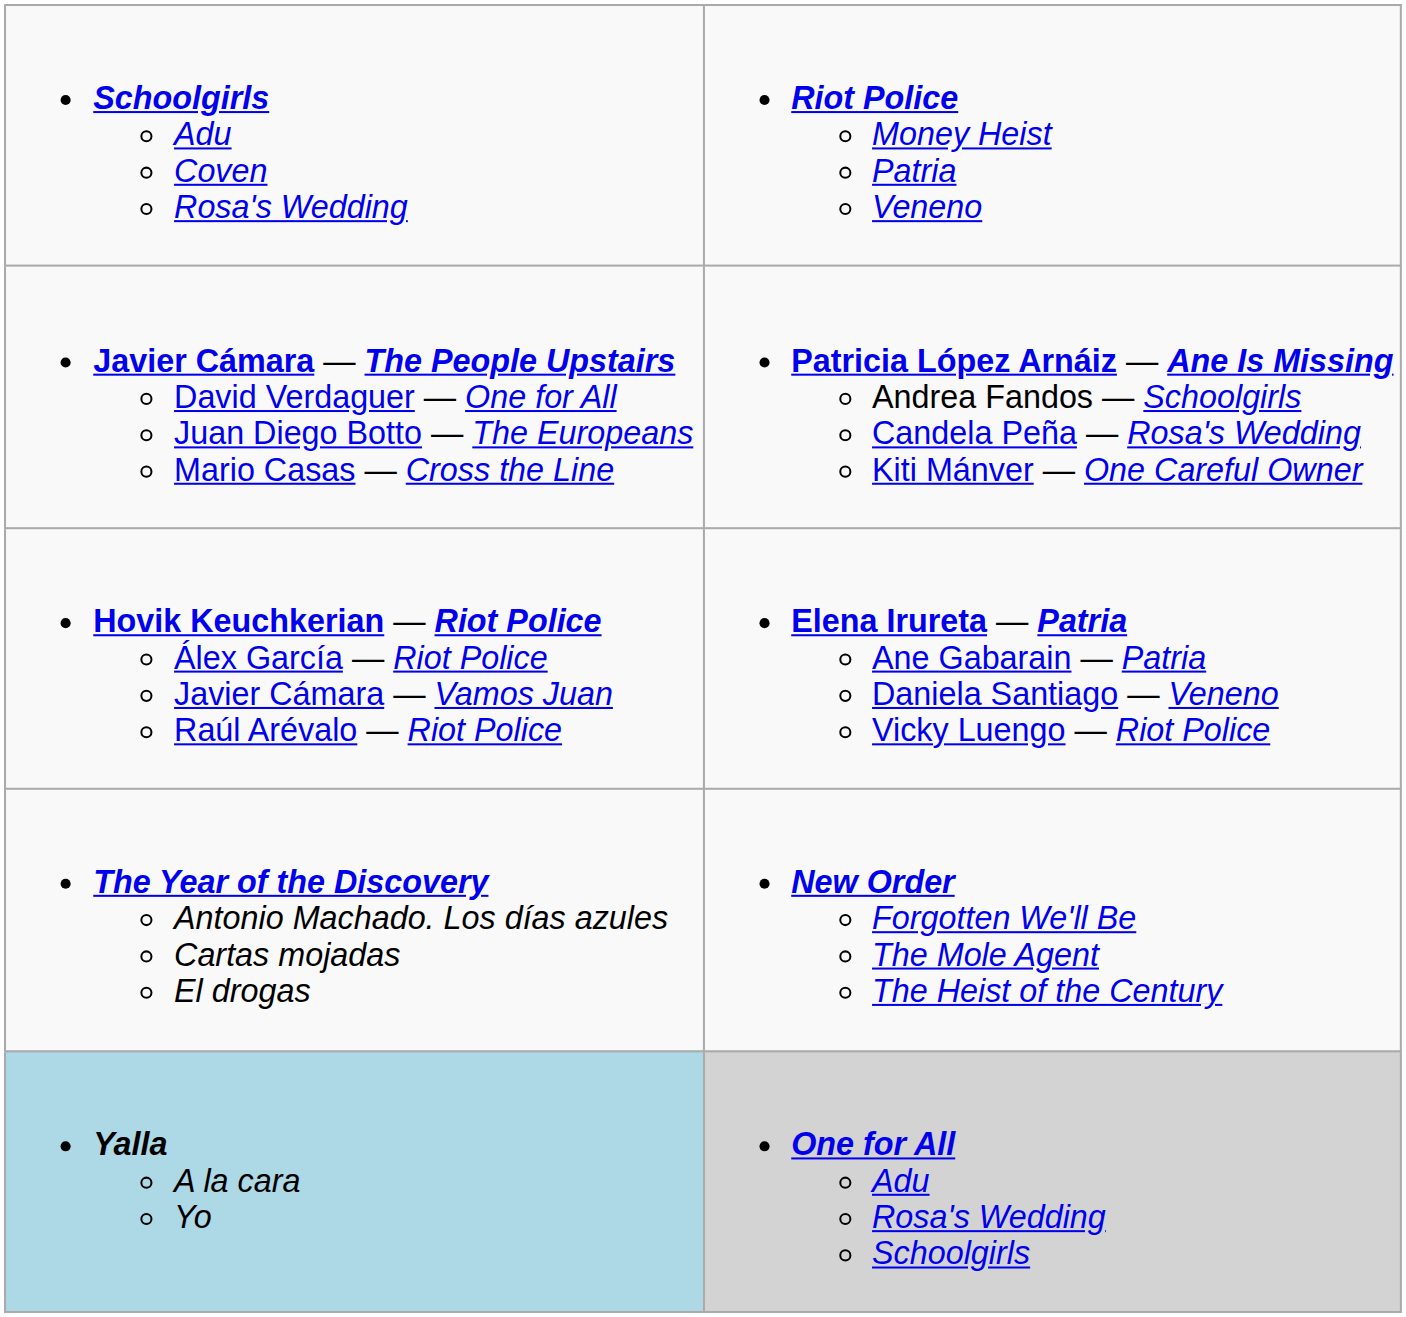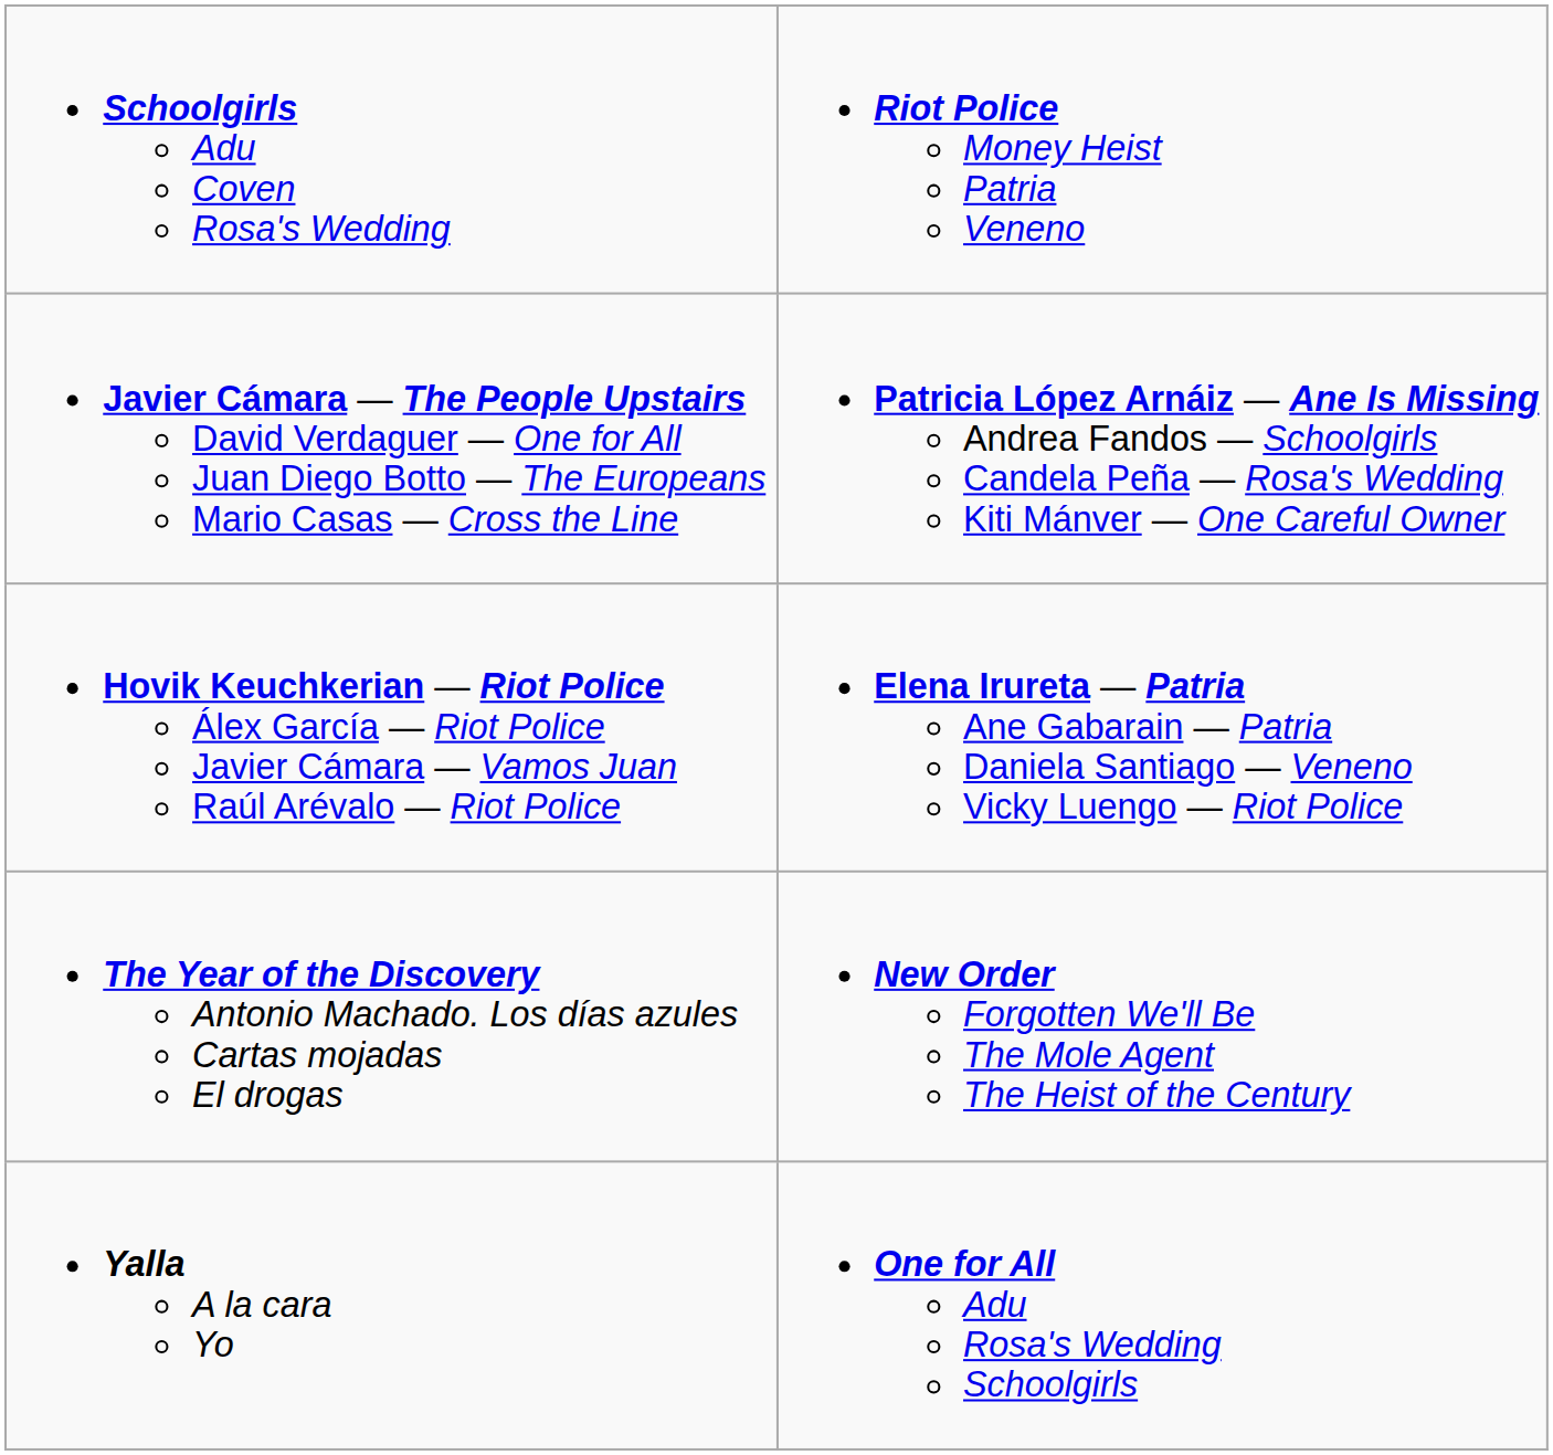 <table class=wikitable style="width="100%">
 <tr>
 <td style="vertical-align:top;" width="50%"><br><ul><li><strong><em><a href='#'>Schoolgirls</a></em></strong><ul><li><em><a href='#'>Adu</a></em></li><li><em><a href='#'>Coven</a></em></li><li><em><a href='#'>Rosa's Wedding</a></em></li></ul></li></ul></td>
 <td style="vertical-align:top;" width="50%"><br><ul><li><strong><em><a href='#'>Riot Police</a></em></strong><ul><li><em><a href='#'>Money Heist</a></em></li><li><em><a href='#'>Patria</a></em></li><li><em><a href='#'>Veneno</a></em></li></ul></li></ul></td>
 </tr>
 <tr>
 <td style="vertical-align:top;" width="50%"><br><ul><li><strong><a href='#'>Javier Cámara</a></strong> — <strong><em><a href='#'>The People Upstairs</a></em></strong><ul><li><a href='#'>David Verdaguer</a> — <em><a href='#'>One for All</a></em></li><li><a href='#'>Juan Diego Botto</a> — <em><a href='#'>The Europeans</a></em></li><li><a href='#'>Mario Casas</a> — <em><a href='#'>Cross the Line</a></em></li></ul></li></ul></td>
 <td style="vertical-align:top;" width="50%"><br><ul><li><strong><a href='#'>Patricia López Arnáiz</a></strong> — <strong><em><a href='#'>Ane Is Missing</a></em></strong><ul><li>Andrea Fandos — <em><a href='#'>Schoolgirls</a></em></li><li><a href='#'>Candela Peña</a> — <em><a href='#'>Rosa's Wedding</a></em></li><li><a href='#'>Kiti Mánver</a> — <em><a href='#'>One Careful Owner</a></em></li></ul></li></ul></td>
 </tr>
 <tr>
 <td style="vertical-align:top;" width="50%"><br><ul><li><strong><a href='#'>Hovik Keuchkerian</a></strong> — <strong><em><a href='#'>Riot Police</a></em></strong><ul><li><a href='#'>Álex García</a> — <em><a href='#'>Riot Police</a></em></li><li><a href='#'>Javier Cámara</a> — <em><a href='#'>Vamos Juan</a></em></li><li><a href='#'>Raúl Arévalo</a> — <em><a href='#'>Riot Police</a></em></li></ul></li></ul></td>
 <td style="vertical-align:top;" width="50%"><br><ul><li><strong><a href='#'>Elena Irureta</a></strong> — <strong><em><a href='#'>Patria</a></em></strong><ul><li><a href='#'>Ane Gabarain</a> — <em><a href='#'>Patria</a></em></li><li><a href='#'>Daniela Santiago</a> — <em><a href='#'>Veneno</a></em></li><li><a href='#'>Vicky Luengo</a> — <em><a href='#'>Riot Police</a></em></li></ul></li></ul></td>
 </tr>
 <tr>
 <td style="vertical-align:top;" width="50%"><br><ul><li><strong><em><a href='#'>The Year of the Discovery</a></em></strong><ul><li><em>Antonio Machado. Los días azules</em></li><li><em>Cartas mojadas</em></li><li><em>El drogas</em></li></ul></li></ul></td>
 <td style="vertical-align:top;" width="50%"><br><ul><li><strong><em><a href='#'>New Order</a></em></strong><ul><li><em><a href='#'>Forgotten We'll Be</a></em></li><li><em><a href='#'>The Mole Agent</a></em></li><li><em><a href='#'>The Heist of the Century</a></em></li></ul></li></ul></td>
 </tr>
 <tr>
-<td style="background: lightblue; vertical-align:top;" width="50%"><br><ul><li><strong><em>Yalla</em></strong><ul><li><em>A la cara</em></li><li><em>Yo</em></li></ul></li></ul></td>
-<td style="background: lightgrey; vertical-align:top;" width="50%"><br><ul><li><strong><em><a href='#'>One for All</a></em></strong><ul><li><em><a href='#'>Adu</a></em></li><li><em><a href='#'>Rosa's Wedding</a></em></li><li><em><a href='#'>Schoolgirls</a></em></li></ul></li></ul></td>
+<td style="vertical-align:top;" width="50%"><br><ul><li><strong><em>Yalla</em></strong><ul><li><em>A la cara</em></li><li><em>Yo</em></li></ul></li></ul></td>
+<td style="vertical-align:top;" width="50%"><br><ul><li><strong><em><a href='#'>One for All</a></em></strong><ul><li><em><a href='#'>Adu</a></em></li><li><em><a href='#'>Rosa's Wedding</a></em></li><li><em><a href='#'>Schoolgirls</a></em></li></ul></li></ul></td>
 </tr>
 </table>
